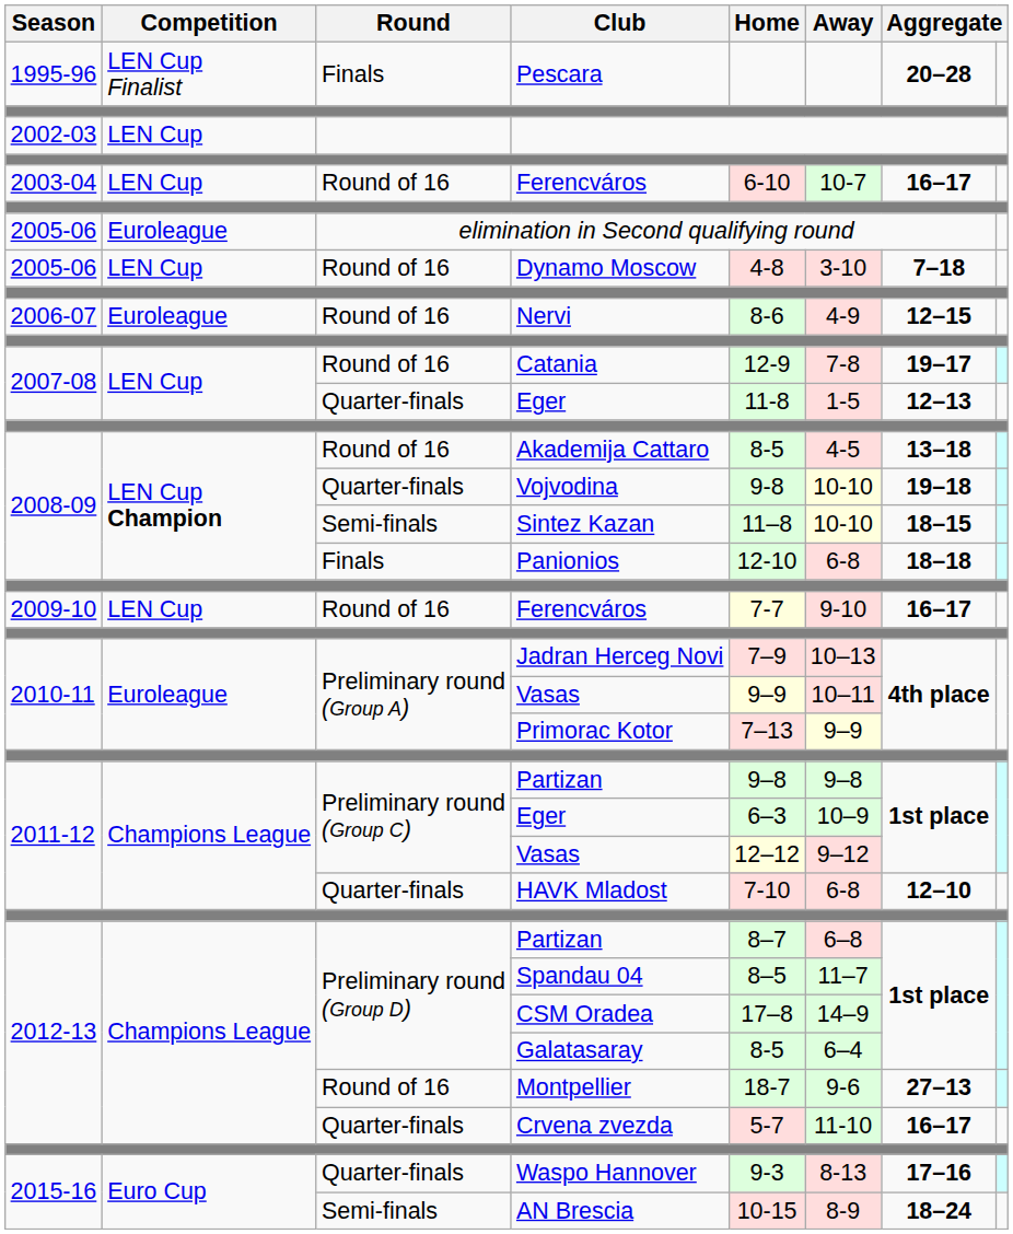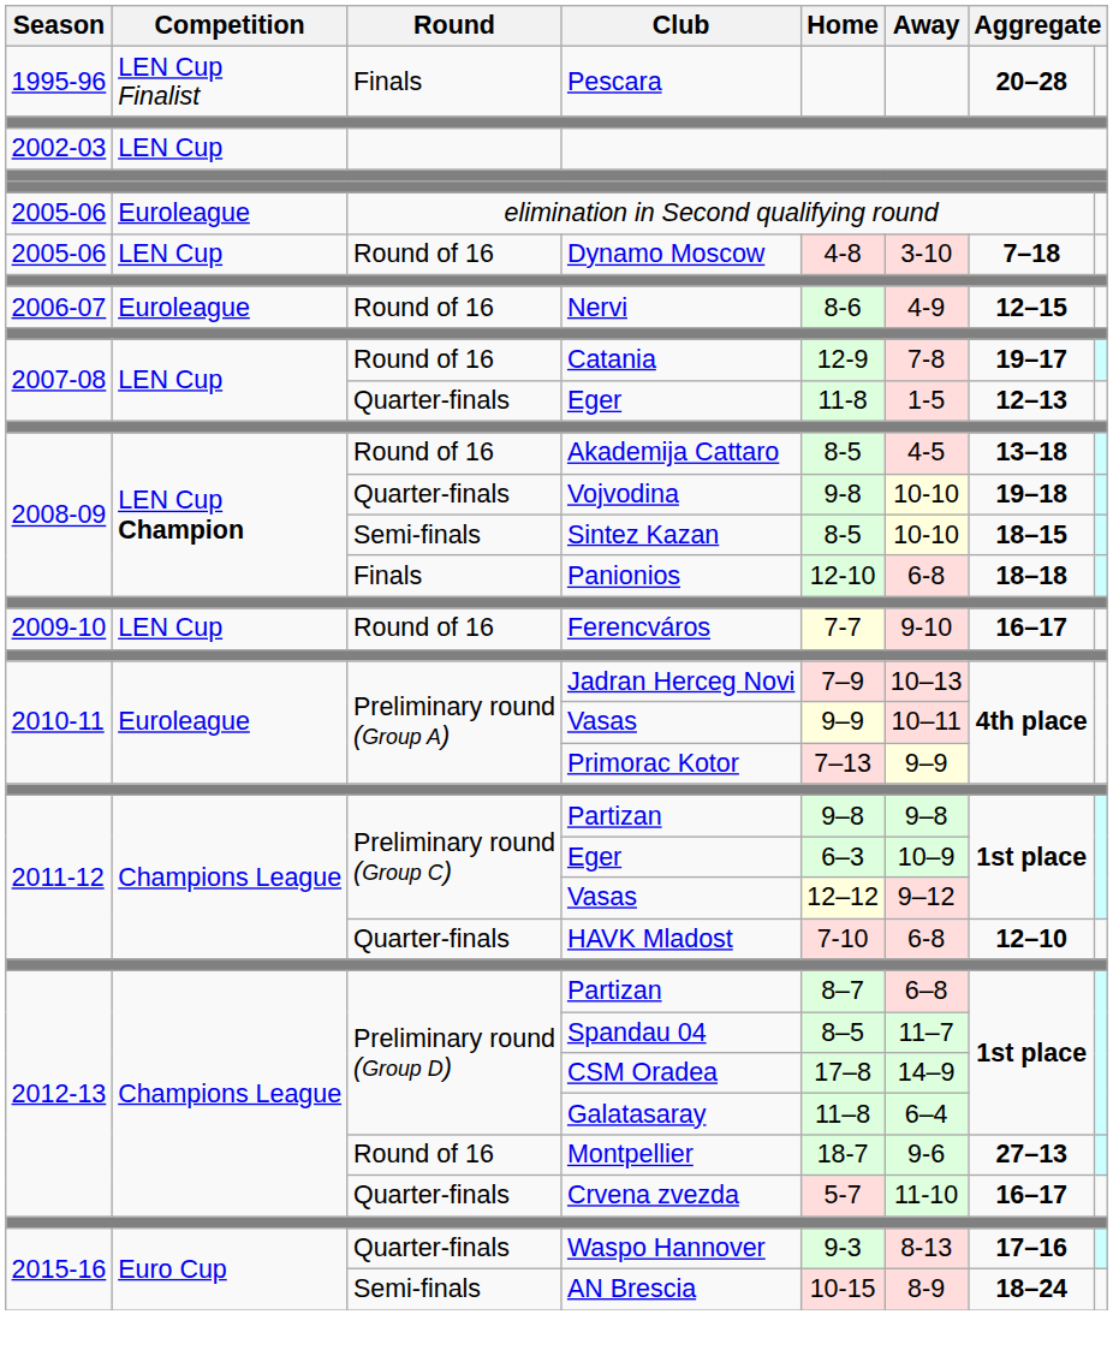 <table class="wikitable collapsible collapsed" align="center" style="text-align:left;">
 <tr>
 <th>Season</th>
 <th>Competition</th>
 <th>Round</th>
 <th>Club</th>
 <th>Home</th>
 <th>Away</th>
 <th colspan=2>Aggregate</th>
 </tr>
 <tr>
 <td rowspan=1><a href='#'>1995-96</a></td>
 <td rowspan=1><a href='#'>LEN Cup</a><br> <em>Finalist</em></td>
 <td>Finals</td>
 <td> <a href='#'>Pescara</a></td>
 <td></td>
 <td></td>
 <td style="text-align:center;"><strong>20–28</strong></td>
 <td align="center"></td>
 </tr>
 <tr>
 <td colspan=8 style="text-align: center;" bgcolor=grey></td>
 </tr>
 <tr>
 <td rowspan=1><a href='#'>2002-03</a></td>
 <td rowspan=1><a href='#'>LEN Cup</a></td>
 <td></td>
 </tr>
 <tr>
 <td colspan=8 style="text-align: center;" bgcolor=grey></td>
-</tr>
-<tr>
-<td rowspan=1><a href='#'>2003-04</a></td>
-<td rowspan=1><a href='#'>LEN Cup</a></td>
-<td>Round of 16</td>
-<td> <a href='#'>Ferencváros</a></td>
-<td style="text-align:center; background:#fdd;">6-10</td>
-<td style="text-align:center; background:#dfd;">10-7</td>
-<td align=center><strong>16–17</strong></td>
-<td align="center"></td>
 </tr>
 <tr>
 <td colspan=8 style="text-align: center;" bgcolor=grey></td>
 </tr>
 <tr>
 <td rowspan=1><a href='#'>2005-06</a></td>
 <td rowspan=1><a href='#'>Euroleague</a></td>
 <td colspan=5; align="center"><em>elimination in Second qualifying round</em></td>
 <td align="center"></td>
 </tr>
 <tr>
 <td rowspan=1><a href='#'>2005-06</a></td>
 <td rowspan=1><a href='#'>LEN Cup</a></td>
 <td>Round of 16</td>
 <td> <a href='#'>Dynamo Moscow</a></td>
 <td style="text-align:center; background:#fdd;">4-8</td>
 <td style="text-align:center; background:#fdd;">3-10</td>
 <td align=center><strong>7–18</strong></td>
 <td align="center"></td>
 </tr>
 <tr>
 <td colspan=8 style="text-align: center;" bgcolor=grey></td>
 </tr>
 <tr>
 <td rowspan=1><a href='#'>2006-07</a></td>
 <td rowspan=1><a href='#'>Euroleague</a></td>
 <td>Round of 16</td>
 <td> <a href='#'>Nervi</a></td>
 <td style="text-align:center; background:#dfd;">8-6</td>
 <td style="text-align:center; background:#fdd;">4-9</td>
 <td align=center><strong>12–15</strong></td>
 <td align="center"></td>
 </tr>
 <tr>
 <td colspan=8 style="text-align: center;" bgcolor=grey></td>
 </tr>
 <tr>
 <td rowspan=2><a href='#'>2007-08</a></td>
 <td rowspan=2><a href='#'>LEN Cup</a></td>
 <td>Round of 16</td>
 <td> <a href='#'>Catania</a></td>
 <td style="text-align:center; background:#dfd;">12-9</td>
 <td style="text-align:center; background:#fdd;">7-8</td>
 <td align=center><strong>19–17</strong></td>
 <td style="background-color:#CFF" align="center"></td>
 </tr>
 <tr>
 <td>Quarter-finals</td>
 <td> <a href='#'>Eger</a></td>
 <td style="text-align:center; background:#dfd;">11-8</td>
 <td style="text-align:center; background:#fdd;">1-5</td>
 <td align=center><strong>12–13</strong></td>
 <td align="center"></td>
 </tr>
 <tr>
 <td colspan=8 style="text-align: center;" bgcolor=grey></td>
 </tr>
 <tr>
 <td rowspan=4><a href='#'>2008-09</a></td>
 <td rowspan=4><a href='#'>LEN Cup</a><br> <strong>Champion</strong></td>
 <td>Round of 16</td>
 <td> <a href='#'>Akademija Cattaro</a></td>
 <td style="text-align:center; background:#dfd;">8-5</td>
 <td style="text-align:center; background:#fdd;">4-5</td>
 <td align=center><strong>13–18</strong></td>
 <td style="background-color:#CFF" align="center"></td>
 </tr>
 <tr>
 <td>Quarter-finals</td>
 <td> <a href='#'>Vojvodina</a></td>
 <td style="text-align:center; background:#dfd;">9-8</td>
 <td style="text-align:center; background:#ffd;">10-10</td>
 <td align=center><strong>19–18</strong></td>
 <td style="background-color:#CFF" align="center"></td>
 </tr>
 <tr>
 <td>Semi-finals</td>
 <td> <a href='#'>Sintez Kazan</a></td>
-<td style="text-align:center; background:#dfd;">11–8</td>
+<td style="text-align:center; background:#dfd;">8-5</td>
 <td style="text-align:center; background:#ffd;">10-10</td>
 <td align=center><strong>18–15</strong></td>
 <td style="background-color:#CFF" align="center"></td>
 </tr>
 <tr>
 <td>Finals</td>
 <td> <a href='#'>Panionios</a></td>
 <td style="text-align:center; background:#dfd;">12-10</td>
 <td style="text-align:center; background:#fdd;">6-8</td>
 <td align=center><strong>18–18 </strong></td>
 <td style="background-color:#CFF" align="center"></td>
 </tr>
 <tr>
 <td colspan=8 style="text-align: center;" bgcolor=grey></td>
 </tr>
 <tr>
 <td rowspan=1><a href='#'>2009-10</a></td>
 <td rowspan=1><a href='#'>LEN Cup</a></td>
 <td>Round of 16</td>
 <td> <a href='#'>Ferencváros</a></td>
 <td style="text-align:center; background:#ffd;">7-7</td>
 <td style="text-align:center; background:#fdd;">9-10</td>
 <td align=center><strong>16–17</strong></td>
 <td align="center"></td>
 </tr>
 <tr>
 <td colspan=8 style="text-align: center;" bgcolor=grey></td>
 </tr>
 <tr>
 <td rowspan=3><a href='#'>2010-11</a></td>
 <td rowspan=3><a href='#'>Euroleague</a></td>
 <td rowspan=3>Preliminary round<br><em>(<small>Group A</small>)</em></td>
 <td> <a href='#'>Jadran Herceg Novi</a></td>
 <td style="text-align:center; background:#fdd;">7–9</td>
 <td style="text-align:center; background:#fdd;">10–13</td>
 <td align=center rowspan=3><strong>4th place</strong></td>
 <td align="center" rowspan=3></td>
 </tr>
 <tr>
 <td> <a href='#'>Vasas</a></td>
 <td style="text-align:center; background:#ffd;">9–9</td>
 <td style="text-align:center; background:#fdd;">10–11</td>
 </tr>
 <tr>
 <td> <a href='#'>Primorac Kotor</a></td>
 <td style="text-align:center; background:#fdd;">7–13</td>
 <td style="text-align:center; background:#ffd;">9–9</td>
 </tr>
 <tr>
 <td colspan=8 style="text-align: center;" bgcolor=grey></td>
 </tr>
 <tr>
 <td rowspan=4><a href='#'>2011-12</a></td>
 <td rowspan=4><a href='#'>Champions League</a></td>
 <td rowspan=3>Preliminary round<br><em>(<small>Group C</small>)</em></td>
 <td> <a href='#'>Partizan</a></td>
 <td style="text-align:center; background:#dfd;">9–8</td>
 <td style="text-align:center; background:#dfd;">9–8</td>
 <td align=center rowspan=3><strong>1st place</strong></td>
 <td style="background-color:#CFF" align="center" rowspan=3></td>
 </tr>
 <tr>
 <td> <a href='#'>Eger</a></td>
 <td style="text-align:center; background:#dfd;">6–3</td>
 <td style="text-align:center; background:#dfd;">10–9</td>
 </tr>
 <tr>
 <td> <a href='#'>Vasas</a></td>
 <td style="text-align:center; background:#ffd;">12–12</td>
 <td style="text-align:center; background:#fdd;">9–12</td>
 </tr>
 <tr>
 <td>Quarter-finals</td>
 <td> <a href='#'>HAVK Mladost</a></td>
 <td style="text-align:center; background:#fdd;">7-10</td>
 <td style="text-align:center; background:#fdd;">6-8</td>
 <td align=center><strong>12–10</strong></td>
 <td align="center"></td>
 </tr>
 <tr>
 <td colspan=8 style="text-align: center;" bgcolor=grey></td>
 </tr>
 <tr>
 <td rowspan=6><a href='#'>2012-13</a></td>
 <td rowspan=6><a href='#'>Champions League</a></td>
 <td rowspan=4>Preliminary round<br><em>(<small>Group D</small>)</em></td>
 <td> <a href='#'>Partizan</a></td>
 <td style="text-align:center; background:#dfd;">8–7</td>
 <td style="text-align:center; background:#fdd;">6–8</td>
 <td align=center rowspan=4><strong>1st place</strong></td>
 <td style="background-color:#CFF" align="center" rowspan=4></td>
 </tr>
 <tr>
 <td> <a href='#'>Spandau 04</a></td>
 <td style="text-align:center; background:#dfd;">8–5</td>
 <td style="text-align:center; background:#dfd;">11–7</td>
 </tr>
 <tr>
 <td> <a href='#'>CSM Oradea</a></td>
 <td style="text-align:center; background:#dfd;">17–8</td>
 <td style="text-align:center; background:#dfd;">14–9</td>
 </tr>
 <tr>
 <td> <a href='#'>Galatasaray</a></td>
-<td style="text-align:center; background:#dfd;">8-5</td>
+<td style="text-align:center; background:#dfd;">11–8</td>
 <td style="text-align:center; background:#dfd;">6–4</td>
 </tr>
 <tr>
 <td>Round of 16</td>
 <td> <a href='#'>Montpellier</a></td>
 <td style="text-align:center; background:#dfd;">18-7</td>
 <td style="text-align:center; background:#dfd;">9-6</td>
 <td align=center><strong>27–13</strong></td>
 <td style="background-color:#CFF" align="center"></td>
 </tr>
 <tr>
 <td>Quarter-finals</td>
 <td> <a href='#'>Crvena zvezda</a></td>
 <td style="text-align:center; background:#fdd;">5-7</td>
 <td style="text-align:center; background:#dfd;">11-10</td>
 <td align=center><strong>16–17</strong></td>
 <td align="center"></td>
 </tr>
 <tr>
 <td colspan=8 style="text-align: center;" bgcolor=grey></td>
 </tr>
 <tr>
 <td rowspan=3><a href='#'>2015-16</a></td>
 <td rowspan=3><a href='#'>Euro Cup</a></td>
 </tr>
 <tr>
 <td>Quarter-finals</td>
 <td> <a href='#'>Waspo Hannover</a></td>
 <td style="text-align:center; background:#dfd;">9-3</td>
 <td style="text-align:center; background:#fdd;">8-13</td>
 <td align=center><strong>17–16</strong></td>
 <td style="background-color:#CFF" align="center"></td>
 </tr>
 <tr>
 <td>Semi-finals</td>
 <td> <a href='#'>AN Brescia</a></td>
 <td style="text-align:center; background:#fdd;">10-15</td>
 <td style="text-align:center; background:#fdd;">8-9</td>
 <td align=center><strong>18–24</strong></td>
 <td align="center"></td>
 </tr>
 </table>
